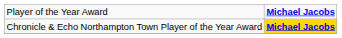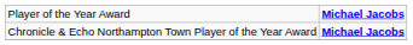 <table class="wikitable" style="text-align:left; font-size:95%;">
 <tr>
 <td>Player of the Year Award</td>
 <td><strong><a href='#'>Michael Jacobs</a></strong></td>
 </tr>
 <tr>
 <td>Chronicle & Echo Northampton Town Player of the Year Award</td>
-<td style="background: gold;"><strong><a href='#'>Michael Jacobs</a></strong></td>
+<td><strong><a href='#'>Michael Jacobs</a></strong></td>
 </tr>
 <tr>
 </tr>
 </table>
